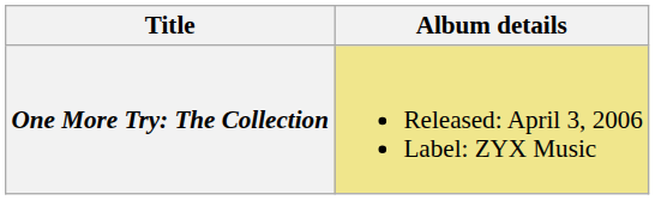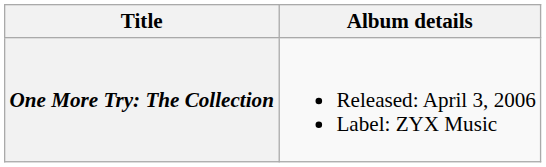 <table class="wikitable plainrowheaders">
 <tr>
 <th>Title</th>
 <th>Album details</th>
 </tr>
 <tr>
 <th scope="row"><em>One More Try: The Collection</em></th>
-<td style="background: khaki;"><br><ul><li>Released: April 3, 2006</li><li>Label: ZYX Music</li></ul></td>
+<td><br><ul><li>Released: April 3, 2006</li><li>Label: ZYX Music</li></ul></td>
 </tr>
 </table>
